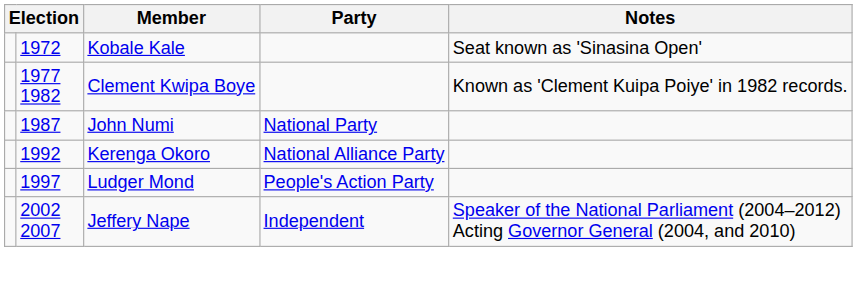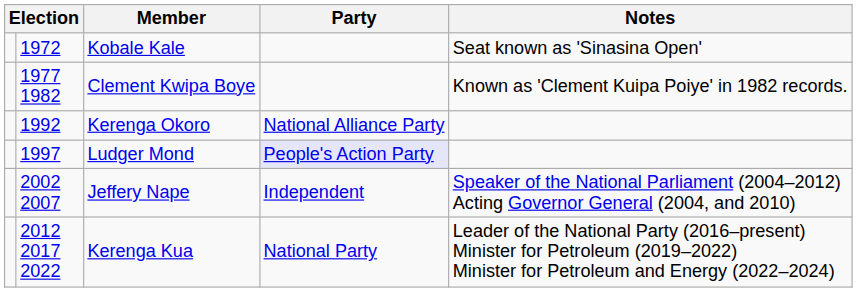 <table class="wikitable">
 <tr>
 <th colspan="2">Election</th>
 <th>Member</th>
 <th>Party</th>
 <th>Notes</th>
 </tr>
 <tr>
 <td style="color:inherit;background-color: "></td>
 <td><a href='#'>1972</a></td>
 <td><a href='#'>Kobale Kale</a></td>
 <td></td>
 <td>Seat known as 'Sinasina Open'</td>
 </tr>
 <tr>
 <td style="color:inherit;background-color: "></td>
 <td><a href='#'>1977</a><br><a href='#'>1982</a></td>
 <td><a href='#'>Clement Kwipa Boye</a></td>
 <td></td>
 <td>Known as 'Clement Kuipa Poiye' in 1982 records.</td>
 </tr>
 <tr>
 <td style="color:inherit;background-color: "></td>
-<td><a href='#'>1987</a></td>
-<td><a href='#'>John Numi</a></td>
-<td><a href='#'>National Party</a></td>
-<td></td>
-</tr>
-<tr>
-<td style="color:inherit;background-color: "></td>
 <td><a href='#'>1992</a></td>
 <td><a href='#'>Kerenga Okoro</a></td>
 <td><a href='#'>National Alliance Party</a></td>
 <td></td>
 </tr>
 <tr>
 <td style="color:inherit;background-color: "></td>
 <td><a href='#'>1997</a></td>
 <td><a href='#'>Ludger Mond</a></td>
-<td><a href='#'>People's Action Party</a></td>
+<td style="background: lavender;"><a href='#'>People's Action Party</a></td>
 <td></td>
 </tr>
 <tr>
 <td style="color:inherit;background-color: "></td>
 <td><a href='#'>2002</a><br><a href='#'>2007</a></td>
 <td><a href='#'>Jeffery Nape</a></td>
 <td><a href='#'>Independent</a></td>
 <td><a href='#'>Speaker of the National Parliament</a> (2004–2012)<br>Acting <a href='#'>Governor General</a> (2004, and 2010)</td>
 </tr>
+<tr>
+<td style="color:inherit;background-color: "></td>
+<td><a href='#'>2012</a><br><a href='#'>2017</a><br><a href='#'>2022</a></td>
+<td><a href='#'>Kerenga Kua</a></td>
+<td><a href='#'>National Party</a></td>
+<td>Leader of the National Party (2016–present)<br>Minister for Petroleum (2019–2022)<br>Minister for Petroleum and Energy (2022–2024)</td>
+</tr>
 </table>
